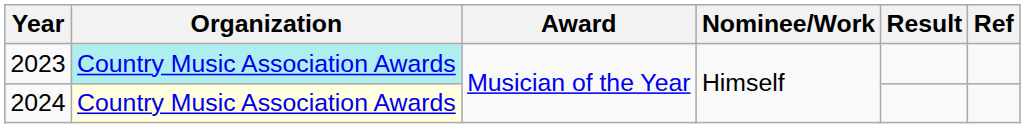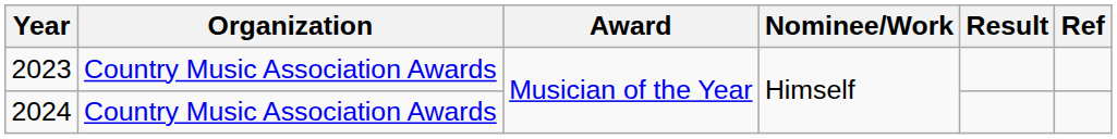 <table class="wikitable">
 <tr>
 <th>Year</th>
 <th>Organization</th>
 <th>Award</th>
 <th>Nominee/Work</th>
 <th>Result</th>
 <th>Ref</th>
 </tr>
 <tr>
 <td>2023</td>
-<td style="background: paleturquoise;"><a href='#'>Country Music Association Awards</a></td>
+<td><a href='#'>Country Music Association Awards</a></td>
 <td rowspan=2><a href='#'>Musician of the Year</a></td>
 <td rowspan=2>Himself</td>
 <td></td>
 <td></td>
 </tr>
 <tr>
 <td>2024</td>
-<td style="background: lightyellow;"><a href='#'>Country Music Association Awards</a></td>
+<td><a href='#'>Country Music Association Awards</a></td>
 <td></td>
 <td></td>
 </tr>
 </table>
